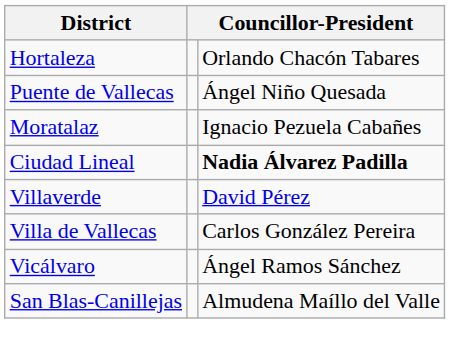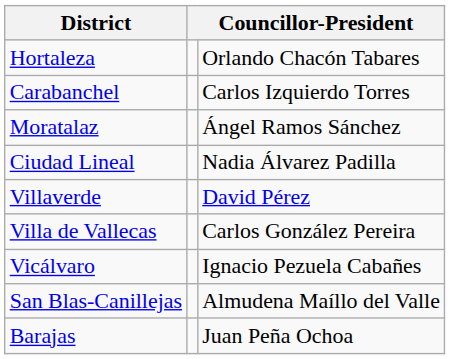 <table class="wikitable" align="center" style="display: inline-table;">
 <tr>
 <th>District</th>
 <th colspan = "2">Councillor-President</th>
 </tr>
 <tr>
 <td><a href='#'>Hortaleza</a></td>
 <td></td>
 <td>Orlando Chacón Tabares</td>
 </tr>
 <tr>
-<td><a href='#'>Puente de Vallecas</a></td>
+<td><a href='#'>Carabanchel</a></td>
 <td></td>
-<td>Ángel Niño Quesada</td>
+<td>Carlos Izquierdo Torres</td>
 </tr>
 <tr>
 <td><a href='#'>Moratalaz</a></td>
 <td></td>
-<td>Ignacio Pezuela Cabañes</td>
+<td>Ángel Ramos Sánchez</td>
 </tr>
 <tr>
 <td><a href='#'>Ciudad Lineal</a></td>
 <td></td>
-<td><strong>Nadia Álvarez Padilla</strong></td>
+<td>Nadia Álvarez Padilla</td>
 </tr>
 <tr>
 <td><a href='#'>Villaverde</a></td>
 <td></td>
 <td><a href='#'>David Pérez</a></td>
 </tr>
 <tr>
 <td><a href='#'>Villa de Vallecas</a></td>
 <td></td>
 <td>Carlos González Pereira</td>
 </tr>
 <tr>
 <td><a href='#'>Vicálvaro</a></td>
 <td></td>
-<td>Ángel Ramos Sánchez</td>
+<td>Ignacio Pezuela Cabañes</td>
 </tr>
 <tr>
 <td><a href='#'>San Blas-Canillejas</a></td>
 <td></td>
 <td>Almudena Maíllo del Valle</td>
 </tr>
+<tr>
+<td><a href='#'>Barajas</a></td>
+<td></td>
+<td>Juan Peña Ochoa</td>
+</tr>
 </table>
